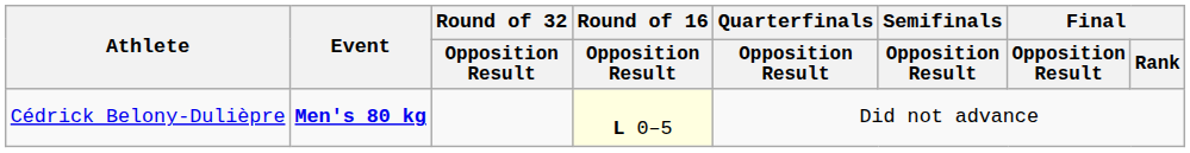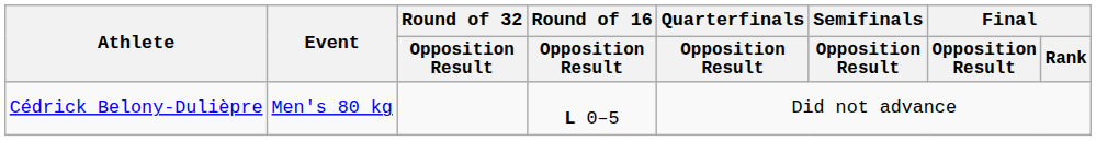 <table class="wikitable" style="font-size:90%">
 <tr>
 <th rowspan="2">Athlete</th>
 <th rowspan="2">Event</th>
 <th>Round of 32</th>
 <th>Round of 16</th>
 <th>Quarterfinals</th>
 <th>Semifinals</th>
 <th colspan=2>Final</th>
 </tr>
 <tr style="font-size:95%">
 <th>Opposition<br>Result</th>
 <th>Opposition<br>Result</th>
 <th>Opposition<br>Result</th>
 <th>Opposition<br>Result</th>
 <th>Opposition<br>Result</th>
 <th>Rank</th>
 </tr>
 <tr align=center>
 <td align=left><a href='#'>Cédrick Belony-Dulièpre</a></td>
-<td align=left><strong><a href='#'>Men's 80 kg</a></strong></td>
+<td align=left><a href='#'>Men's 80 kg</a></td>
 <td></td>
-<td style="background: lightyellow;"><br><strong>L</strong> 0–5</td>
+<td><br><strong>L</strong> 0–5</td>
 <td colspan=4>Did not advance</td>
 </tr>
 </table>
